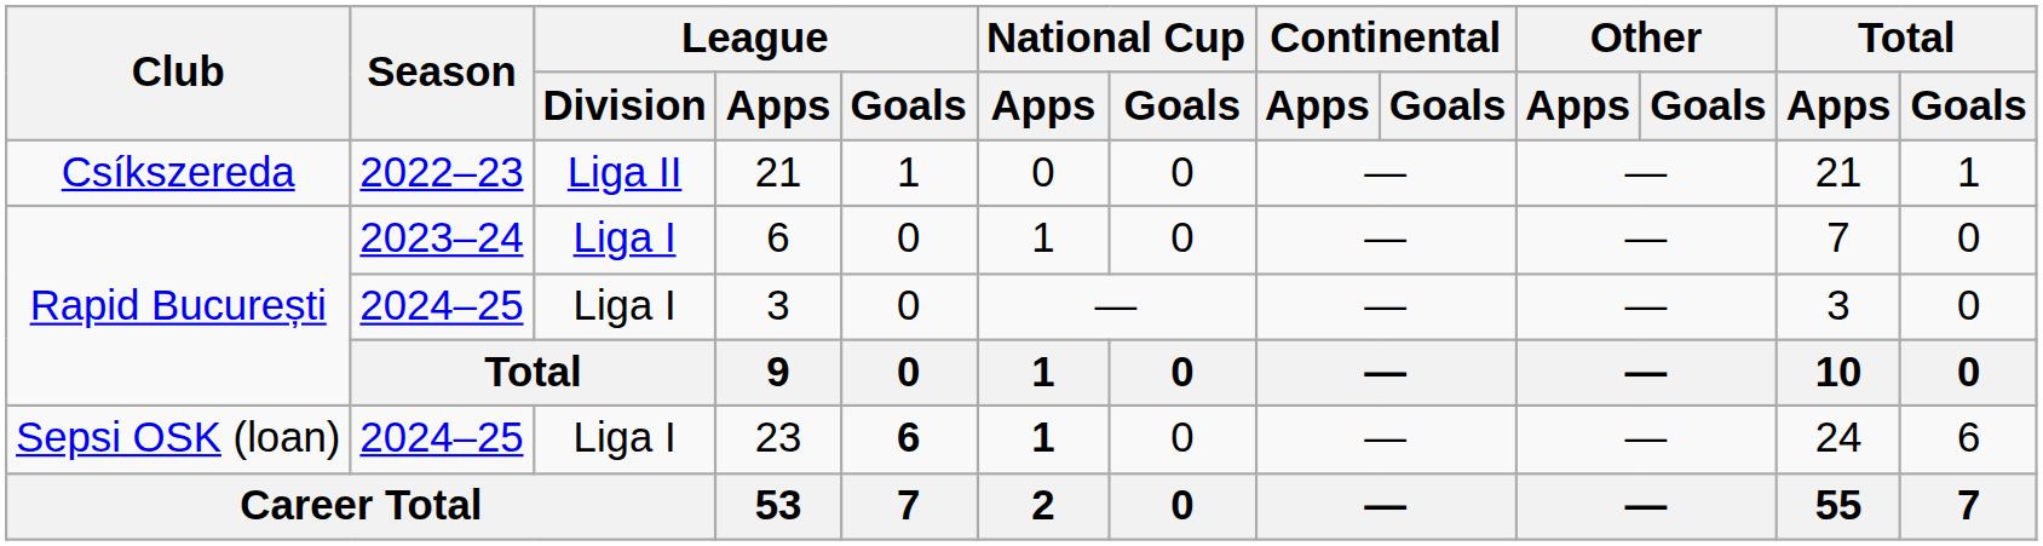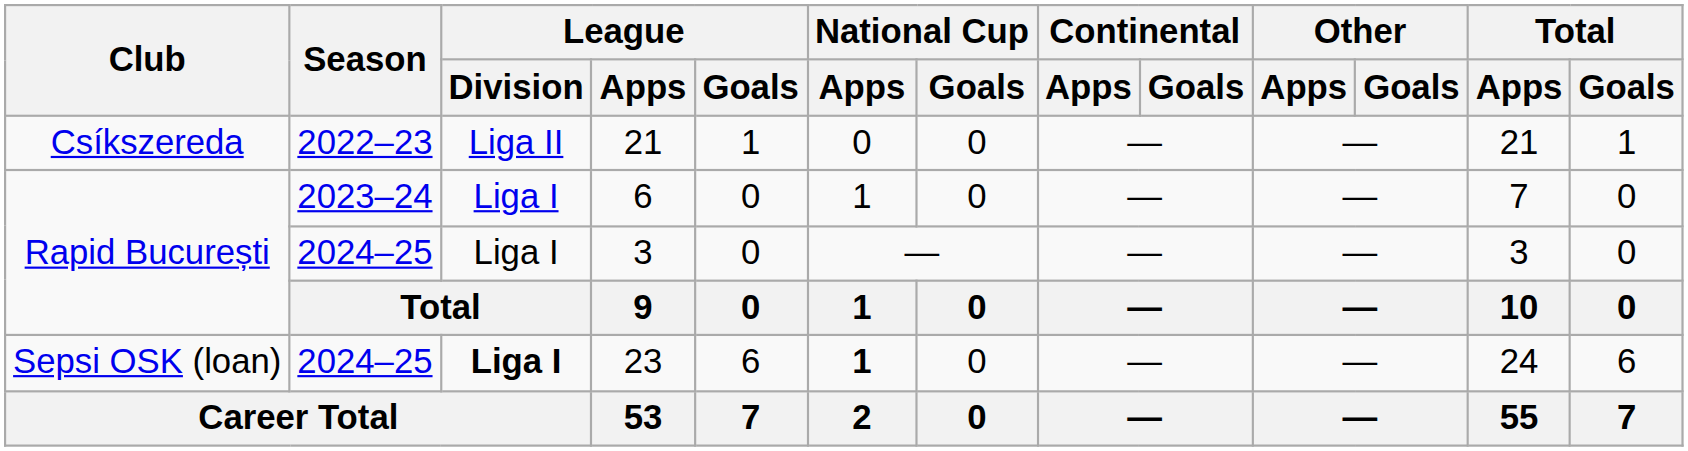 <table class=wikitable style=text-align:center>
 <tr>
 <th rowspan=2>Club</th>
 <th rowspan=2>Season</th>
 <th colspan=3>League</th>
 <th colspan=2>National Cup</th>
 <th colspan=2>Continental</th>
 <th colspan=2>Other</th>
 <th colspan=2>Total</th>
 </tr>
 <tr>
 <th>Division</th>
 <th>Apps</th>
 <th>Goals</th>
 <th>Apps</th>
 <th>Goals</th>
 <th>Apps</th>
 <th>Goals</th>
 <th>Apps</th>
 <th>Goals</th>
 <th>Apps</th>
 <th>Goals</th>
 </tr>
 <tr>
 <td rowspan="1"><a href='#'>Csíkszereda</a></td>
 <td><a href='#'>2022–23</a></td>
 <td rowspan="1"><a href='#'>Liga II</a></td>
 <td>21</td>
 <td>1</td>
 <td>0</td>
 <td>0</td>
 <td colspan=2>—</td>
 <td colspan=2>—</td>
 <td>21</td>
 <td>1</td>
 </tr>
 <tr>
 <td rowspan="3"><a href='#'>Rapid București</a></td>
 <td><a href='#'>2023–24</a></td>
 <td rowspan="1"><a href='#'>Liga I</a></td>
 <td>6</td>
 <td>0</td>
 <td>1</td>
 <td>0</td>
 <td colspan=2>—</td>
 <td colspan=2>—</td>
 <td>7</td>
 <td>0</td>
 </tr>
 <tr>
 <td><a href='#'>2024–25</a></td>
 <td rowspan="1">Liga I</td>
 <td>3</td>
 <td>0</td>
 <td colspan="2">—</td>
 <td colspan=2>—</td>
 <td colspan=2>—</td>
 <td>3</td>
 <td>0</td>
 </tr>
 <tr>
 <th colspan="2">Total</th>
 <th>9</th>
 <th>0</th>
 <th>1</th>
 <th>0</th>
 <th colspan=2>—</th>
 <th colspan=2>—</th>
 <th>10</th>
 <th>0</th>
 </tr>
 <tr>
 <td rowspan="1"><a href='#'>Sepsi OSK</a> (loan)</td>
 <td><a href='#'>2024–25</a></td>
-<td rowspan="1">Liga I</td>
+<td rowspan="1"><strong>Liga I</strong></td>
 <td>23</td>
-<td><strong>6</strong></td>
+<td>6</td>
 <td><strong>1</strong></td>
 <td>0</td>
 <td colspan=2>—</td>
 <td colspan=2>—</td>
 <td>24</td>
 <td>6</td>
 </tr>
 <tr>
 <th colspan="3">Career Total</th>
 <th>53</th>
 <th>7</th>
 <th>2</th>
 <th>0</th>
 <th colspan=2>—</th>
 <th colspan=2>—</th>
 <th>55</th>
 <th>7</th>
 </tr>
 </table>
